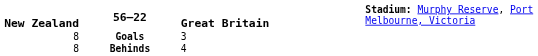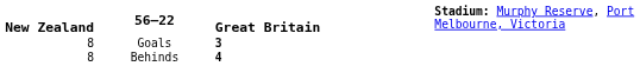 <table style="width: 100%; background: transparent;" cellspacing="0">
 <tr>
 <td align=center valign=top rowspan=3 width=15%></td>
 </tr>
 <tr>
 <td width=24% align=right><br><strong>New Zealand</strong></td>
 <td align=center width=13%><strong>56–22</strong></td>
 <td width=24%><br><strong>Great Britain</strong></td>
 <td style=font-size:85% rowspan=2 valign=top><strong>Stadium:</strong> <a href='#'>Murphy Reserve</a>, <a href='#'>Port Melbourne, Victoria</a></td>
 </tr>
 <tr style=font-size:85%>
 <td align=right valign=top>8<br> 8</td>
-<td align=center valign=top><strong>Goals <br>Behinds</strong></td>
-<td valign=top>3<br> 4</td>
+<td align=center valign=top>Goals <br>Behinds</td>
+<td valign=top><strong>3<br> 4</strong></td>
 </tr>
 </table>
